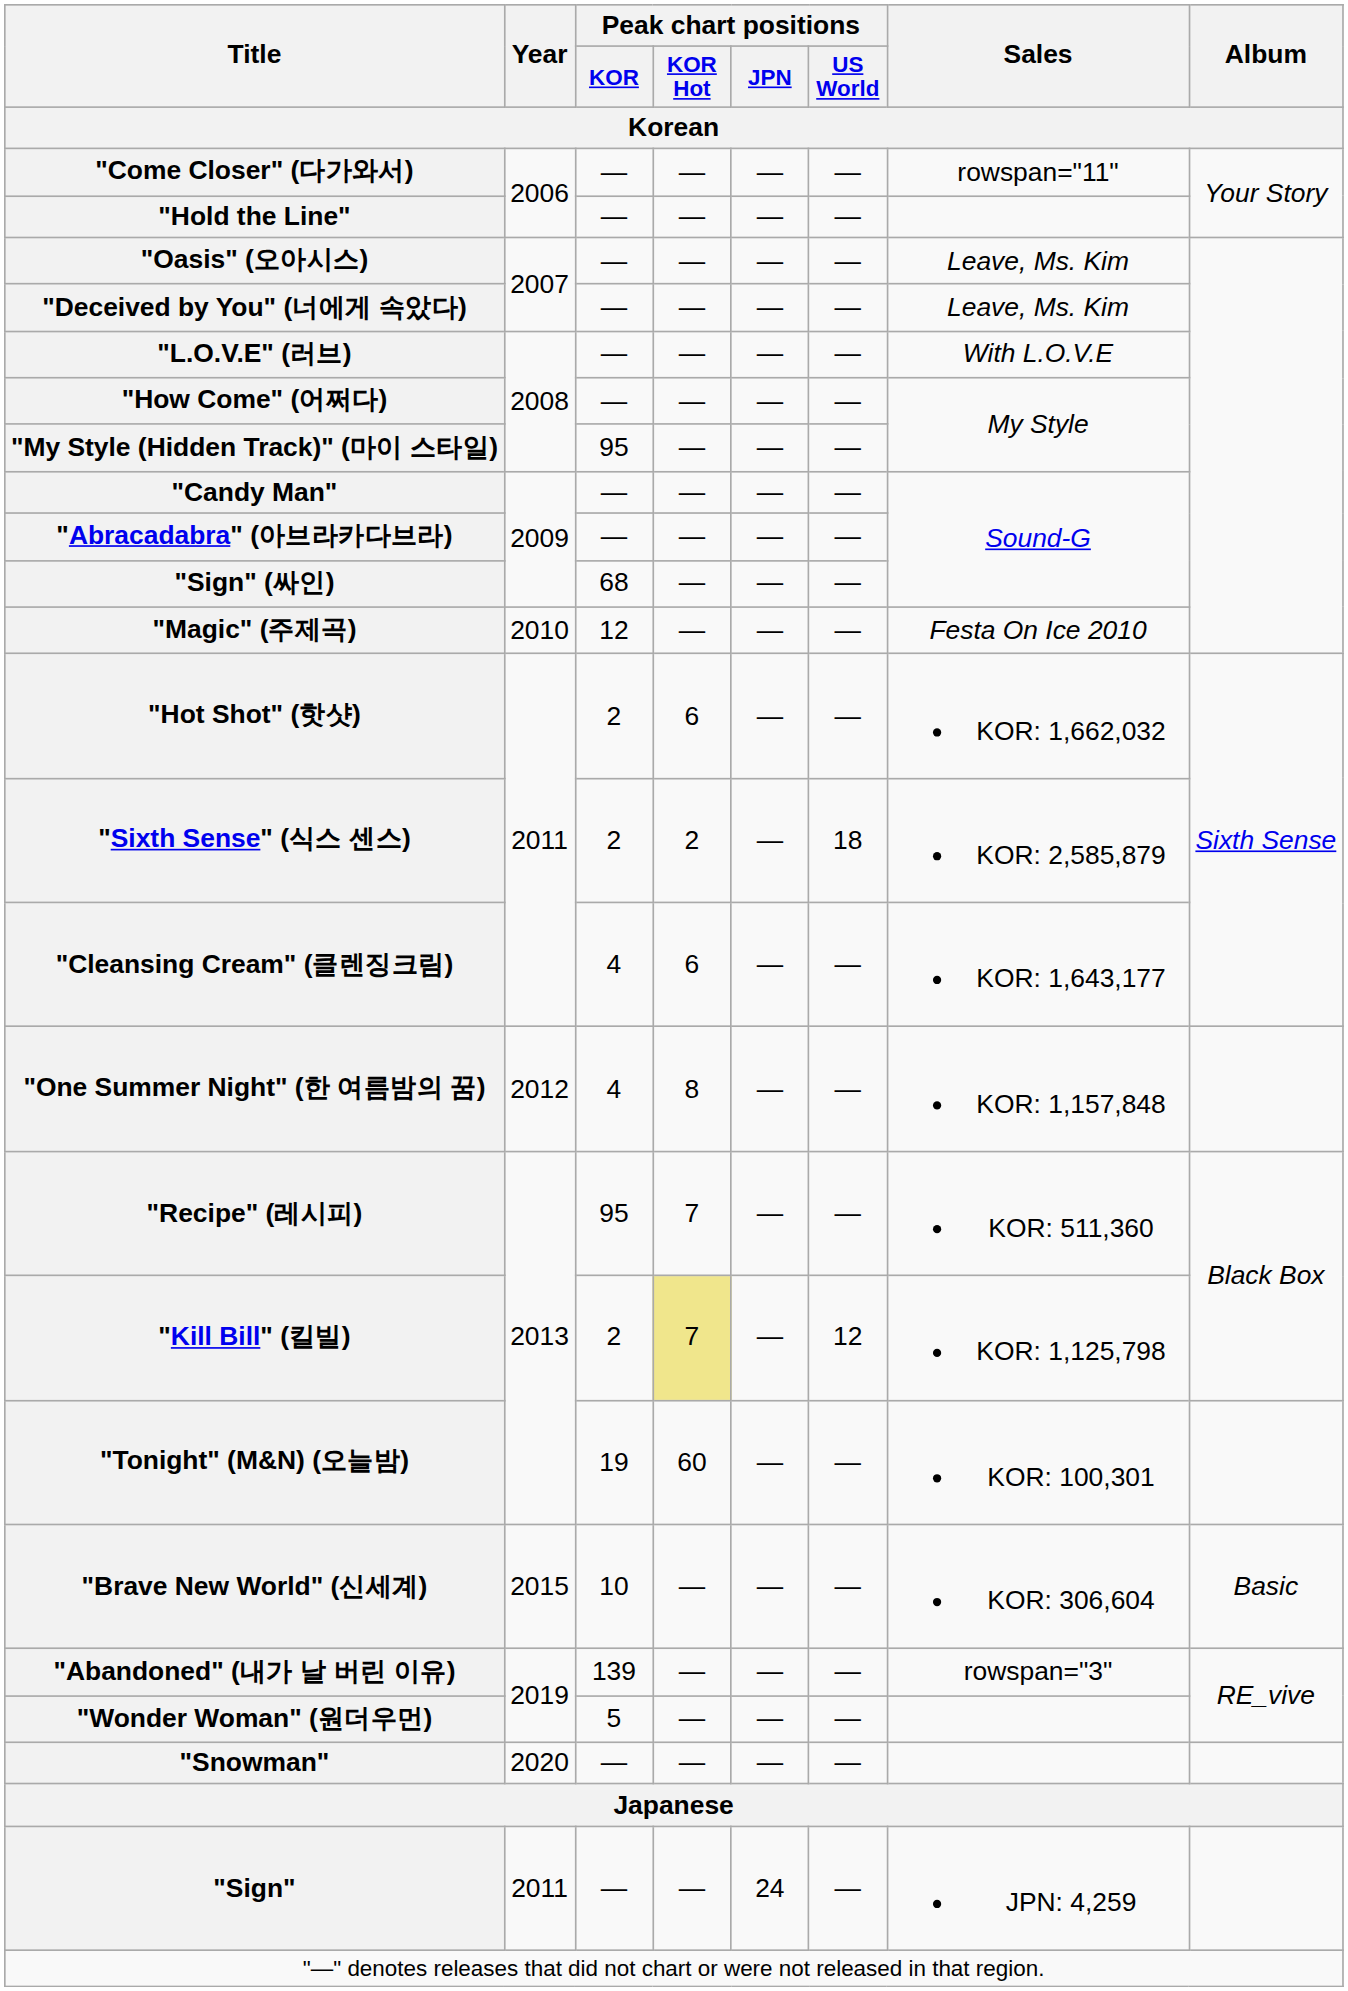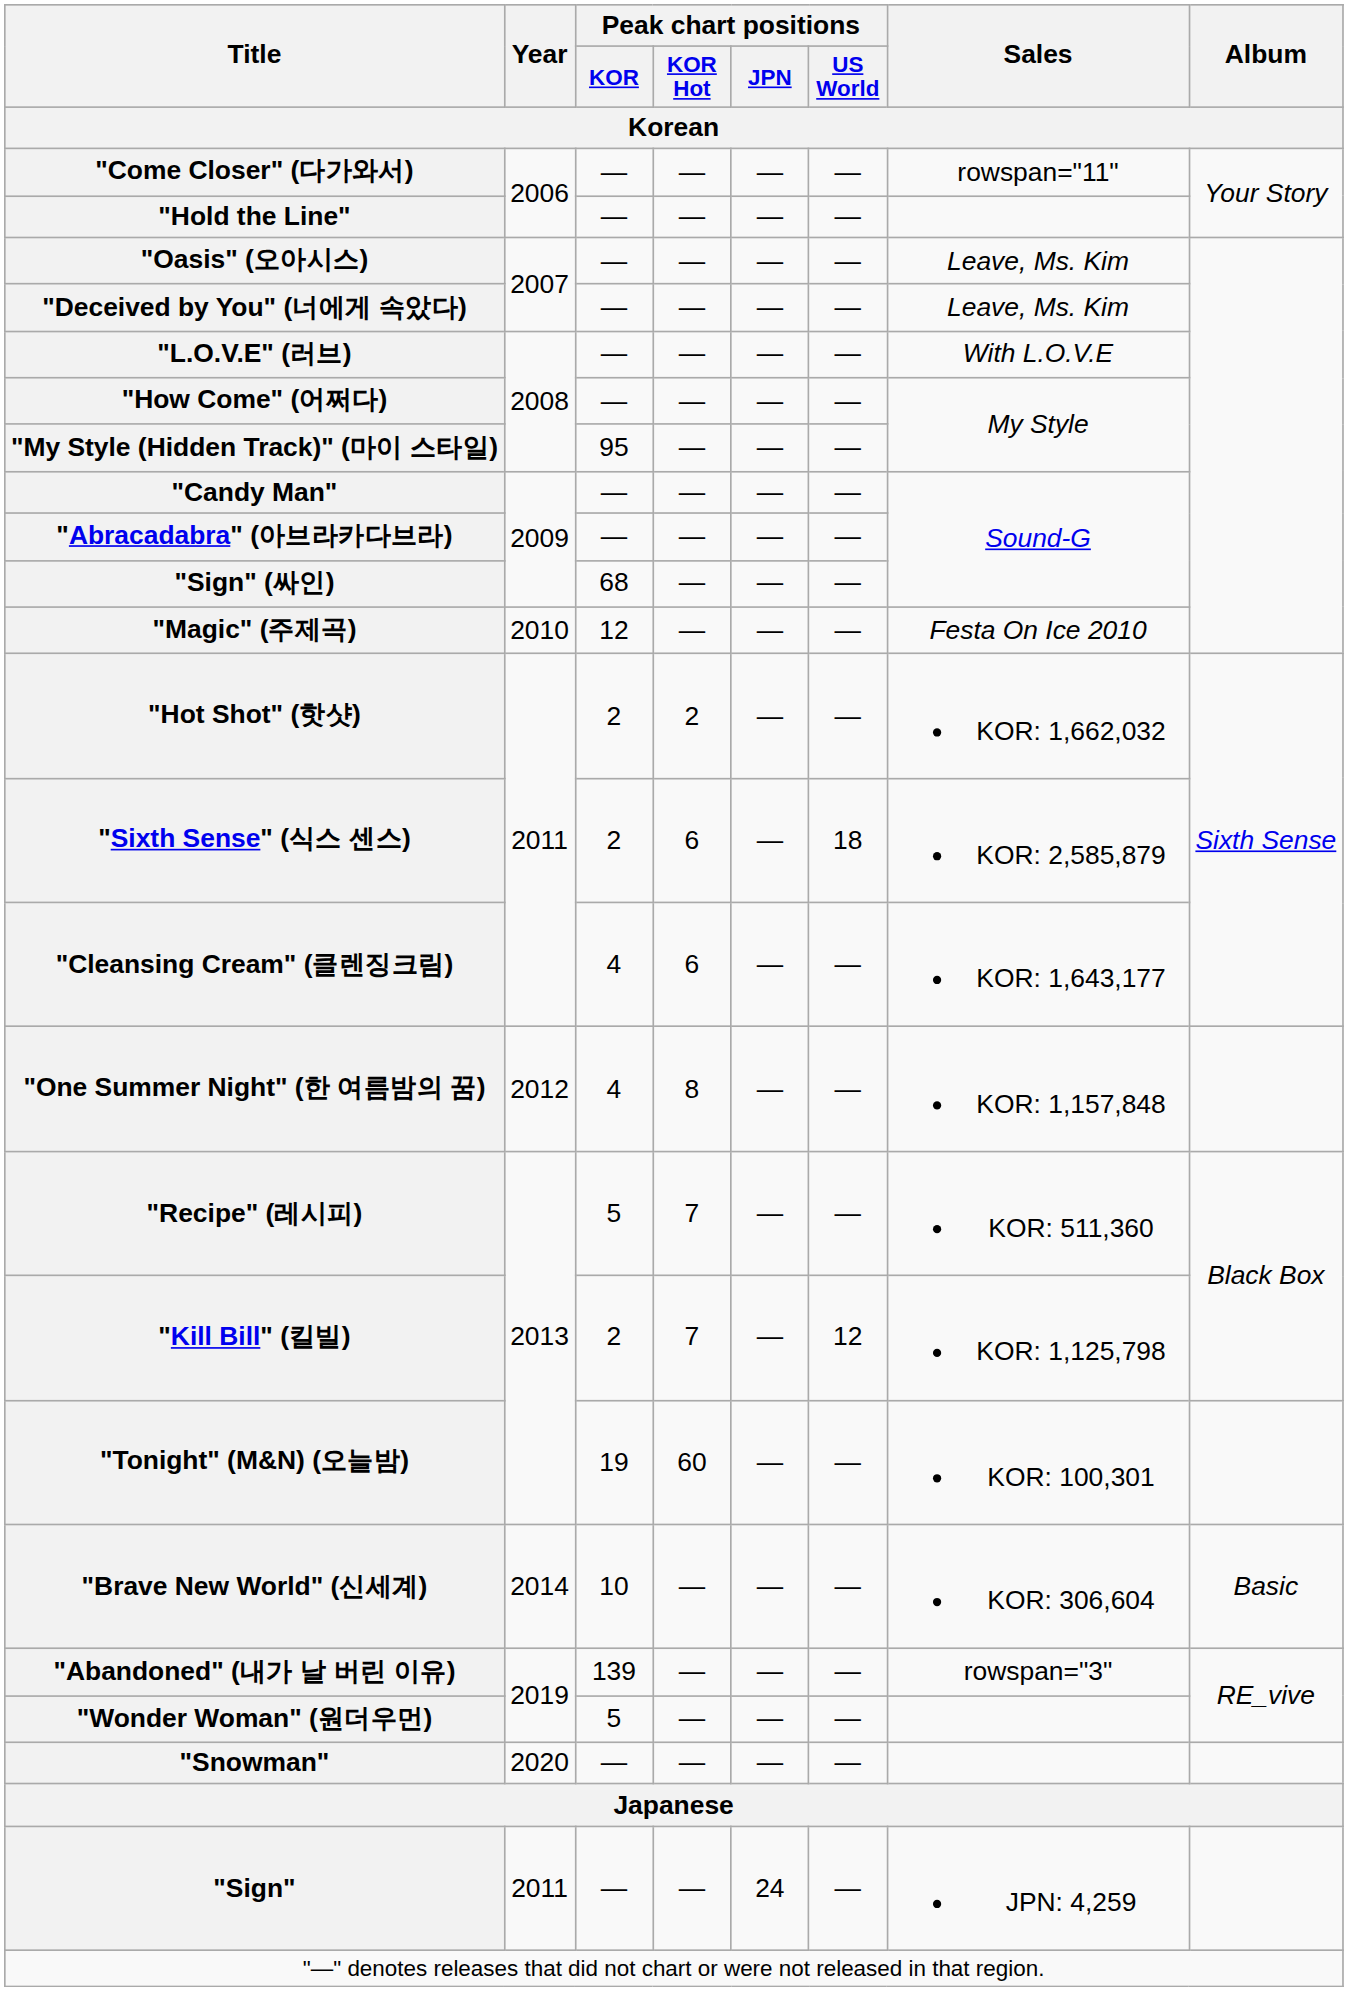 <table class="wikitable plainrowheaders" style="text-align:center;">
 <tr>
 <th scope="col" rowspan="2">Title</th>
 <th scope="col" rowspan="2">Year</th>
 <th scope="col" colspan="4">Peak chart positions</th>
 <th scope="col" rowspan="2" style="width:11em;">Sales</th>
 <th scope="col" rowspan="2">Album</th>
 </tr>
 <tr>
 <th scope="col" style="width:3em;font-size:85%;"><a href='#'>KOR</a><br></th>
 <th scope="col" style="width:3em;font-size:85%;"><a href='#'>KOR Hot</a><br></th>
 <th scope="col" style="width:3em;font-size:85%;"><a href='#'>JPN</a><br></th>
 <th scope="col" style="width:3em;font-size:85%;"><a href='#'>US<br>World</a><br></th>
 </tr>
 <tr>
 <th colspan="8">Korean</th>
 </tr>
 <tr>
 <th scope="row">"Come Closer" (다가와서)</th>
 <td rowspan="2">2006</td>
 <td>—</td>
 <td>—</td>
 <td>—</td>
 <td>—</td>
 <td>rowspan="11" </td>
 <td rowspan="2"><em>Your Story</em></td>
 </tr>
 <tr>
 <th scope="row">"Hold the Line" </th>
 <td>—</td>
 <td>—</td>
 <td>—</td>
 <td>—</td>
 </tr>
 <tr>
 <th scope="row">"Oasis" (오아시스) </th>
 <td rowspan="2">2007</td>
 <td>—</td>
 <td>—</td>
 <td>—</td>
 <td>—</td>
 <td><em>Leave, Ms. Kim</em></td>
 </tr>
 <tr>
 <th scope="row">"Deceived by You" (너에게 속았다)</th>
 <td>—</td>
 <td>—</td>
 <td>—</td>
 <td>—</td>
 <td><em>Leave, Ms. Kim</em></td>
 </tr>
 <tr>
 <th scope="row">"L.O.V.E" (러브)</th>
 <td rowspan="3">2008</td>
 <td>—</td>
 <td>—</td>
 <td>—</td>
 <td>—</td>
 <td><em>With L.O.V.E</em></td>
 </tr>
 <tr>
 <th scope="row">"How Come" (어쩌다)</th>
 <td>—</td>
 <td>—</td>
 <td>—</td>
 <td>—</td>
 <td rowspan="2"><em>My Style</em></td>
 </tr>
 <tr>
 <th scope="row">"My Style (Hidden Track)" (마이 스타일)</th>
 <td>95</td>
 <td>—</td>
 <td>—</td>
 <td>—</td>
 </tr>
 <tr>
 <th scope="row">"Candy Man"</th>
 <td rowspan="3">2009</td>
 <td>—</td>
 <td>—</td>
 <td>—</td>
 <td>—</td>
 <td rowspan="3"><em><a href='#'>Sound-G</a></em></td>
 </tr>
 <tr>
 <th scope="row">"<a href='#'>Abracadabra</a>" (아브라카다브라)</th>
 <td>—</td>
 <td>—</td>
 <td>—</td>
 <td>—</td>
 </tr>
 <tr>
 <th scope="row">"Sign" (싸인)</th>
 <td>68</td>
 <td>—</td>
 <td>—</td>
 <td>—</td>
 </tr>
 <tr>
 <th scope="row">"Magic" (주제곡)</th>
 <td>2010</td>
 <td>12</td>
 <td>—</td>
 <td>—</td>
 <td>—</td>
 <td><em>Festa On Ice 2010</em></td>
 </tr>
 <tr>
 <th scope="row">"Hot Shot" (핫샷)</th>
 <td rowspan="3">2011</td>
 <td>2</td>
-<td>6</td>
+<td>2</td>
 <td>—</td>
 <td>—</td>
 <td><br><ul><li>KOR: 1,662,032</li></ul></td>
 <td rowspan="3"><em><a href='#'>Sixth Sense</a></em></td>
 </tr>
 <tr>
 <th scope="row">"<a href='#'>Sixth Sense</a>" (식스 센스)</th>
 <td>2</td>
-<td>2</td>
+<td>6</td>
 <td>—</td>
 <td>18</td>
 <td><br><ul><li>KOR: 2,585,879</li></ul></td>
 </tr>
 <tr>
 <th scope="row">"Cleansing Cream" (클렌징크림)</th>
 <td>4</td>
 <td>6</td>
 <td>—</td>
 <td>—</td>
 <td><br><ul><li>KOR: 1,643,177</li></ul></td>
 </tr>
 <tr>
 <th scope="row">"One Summer Night" (한 여름밤의 꿈)</th>
 <td>2012</td>
 <td>4</td>
 <td>8</td>
 <td>—</td>
 <td>—</td>
 <td><br><ul><li>KOR: 1,157,848</li></ul></td>
 <td></td>
 </tr>
 <tr>
 <th scope="row">"Recipe" (레시피)</th>
 <td rowspan="3">2013</td>
-<td>95</td>
+<td>5</td>
 <td>7</td>
 <td>—</td>
 <td>—</td>
 <td><br><ul><li>KOR: 511,360</li></ul></td>
 <td rowspan="2"><em>Black Box</em></td>
 </tr>
 <tr>
 <th scope="row">"<a href='#'>Kill Bill</a>" (킬빌)</th>
 <td>2</td>
-<td style="background: khaki;">7</td>
+<td>7</td>
 <td>—</td>
 <td>12</td>
 <td><br><ul><li>KOR: 1,125,798</li></ul></td>
 </tr>
 <tr>
 <th scope="row">"Tonight" (M&N) (오늘밤)</th>
 <td>19</td>
 <td>60</td>
 <td>—</td>
 <td>—</td>
 <td><br><ul><li>KOR: 100,301</li></ul></td>
 <td></td>
 </tr>
 <tr>
 <th scope="row">"Brave New World" (신세계)</th>
-<td>2015</td>
+<td>2014</td>
 <td>10</td>
 <td>—</td>
 <td>—</td>
 <td>—</td>
 <td><br><ul><li>KOR: 306,604</li></ul></td>
 <td><em>Basic</em></td>
 </tr>
 <tr>
 <th scope="row">"Abandoned" (내가 날 버린 이유)</th>
 <td rowspan="2">2019</td>
 <td>139</td>
 <td>—</td>
 <td>—</td>
 <td>—</td>
 <td>rowspan="3" </td>
 <td rowspan="2"><em>RE_vive</em></td>
 </tr>
 <tr>
 <th scope="row">"Wonder Woman" (원더우먼)</th>
 <td>5</td>
 <td>—</td>
 <td>—</td>
 <td>—</td>
 </tr>
 <tr>
 <th scope="row">"Snowman"</th>
 <td>2020</td>
 <td>—</td>
 <td>—</td>
 <td>—</td>
 <td>—</td>
 <td></td>
 </tr>
 <tr>
 <th colspan="8">Japanese</th>
 </tr>
 <tr>
 <th scope="row">"Sign"</th>
 <td>2011</td>
 <td>—</td>
 <td>—</td>
 <td>24</td>
 <td>—</td>
 <td><br><ul><li>JPN: 4,259</li></ul></td>
 <td></td>
 </tr>
 <tr>
 <td colspan="8" style="font-size:85%">"—" denotes releases that did not chart or were not released in that region.</td>
 </tr>
 </table>
